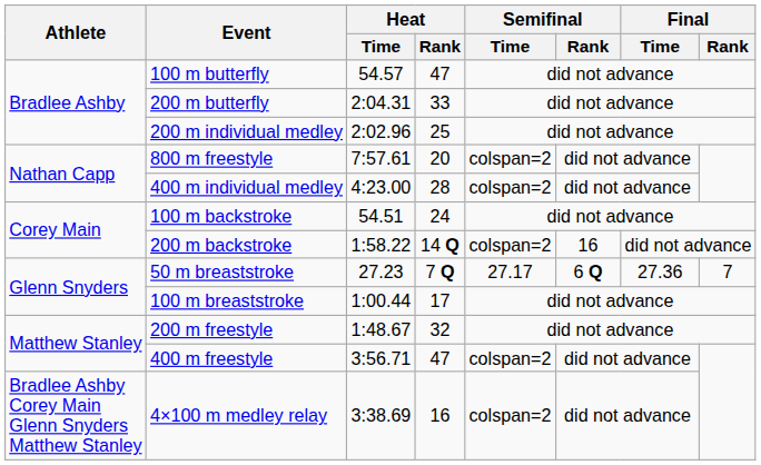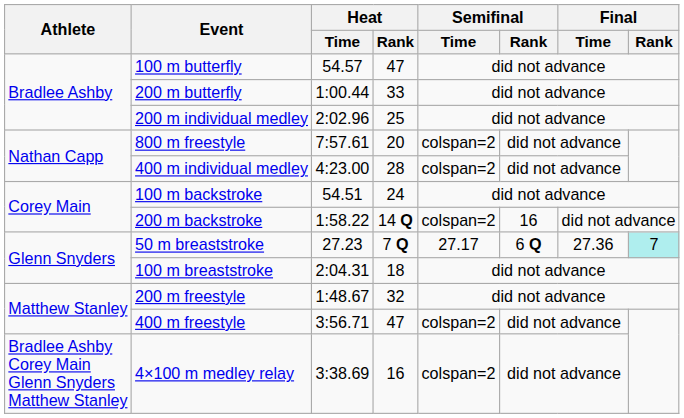 <table class=wikitable style="font-size:90%">
 <tr>
 <th rowspan="2">Athlete</th>
 <th rowspan="2">Event</th>
 <th colspan="2">Heat</th>
 <th colspan="2">Semifinal</th>
 <th colspan="2">Final</th>
 </tr>
 <tr style="font-size:95%">
 <th>Time</th>
 <th>Rank</th>
 <th>Time</th>
 <th>Rank</th>
 <th>Time</th>
 <th>Rank</th>
 </tr>
 <tr align=center>
 <td align=left rowspan=3><a href='#'>Bradlee Ashby</a></td>
 <td align=left><a href='#'>100 m butterfly</a></td>
 <td>54.57</td>
 <td>47</td>
 <td colspan=4>did not advance</td>
 </tr>
 <tr align=center>
 <td align=left><a href='#'>200 m butterfly</a></td>
-<td>2:04.31</td>
+<td>1:00.44</td>
 <td>33</td>
 <td colspan=4>did not advance</td>
 </tr>
 <tr align=center>
 <td align=left><a href='#'>200 m individual medley</a></td>
 <td>2:02.96</td>
 <td>25</td>
 <td colspan=4>did not advance</td>
 </tr>
 <tr align=center>
 <td align=left rowspan=2><a href='#'>Nathan Capp</a></td>
 <td align=left><a href='#'>800 m freestyle</a></td>
 <td>7:57.61</td>
 <td>20</td>
 <td>colspan=2 </td>
 <td colspan=2>did not advance</td>
 </tr>
 <tr align=center>
 <td align=left><a href='#'>400 m individual medley</a></td>
 <td>4:23.00</td>
 <td>28</td>
 <td>colspan=2 </td>
 <td colspan=2>did not advance</td>
 </tr>
 <tr align=center>
 <td align=left rowspan=2><a href='#'>Corey Main</a></td>
 <td align=left><a href='#'>100 m backstroke</a></td>
 <td>54.51</td>
 <td>24</td>
 <td colspan=4>did not advance</td>
 </tr>
 <tr align=center>
 <td align=left><a href='#'>200 m backstroke</a></td>
 <td>1:58.22</td>
 <td>14 <strong>Q</strong></td>
 <td>colspan=2 </td>
 <td>16</td>
 <td colspan=2>did not advance</td>
 </tr>
 <tr align=center>
 <td align=left rowspan=2><a href='#'>Glenn Snyders</a></td>
 <td align=left><a href='#'>50 m breaststroke</a></td>
 <td>27.23</td>
 <td>7 <strong>Q</strong></td>
 <td>27.17</td>
 <td>6 <strong>Q</strong></td>
 <td>27.36</td>
-<td>7</td>
+<td style="background: paleturquoise;">7</td>
 </tr>
 <tr align=center>
 <td align=left><a href='#'>100 m breaststroke</a></td>
-<td>1:00.44</td>
-<td>17</td>
+<td>2:04.31</td>
+<td>18</td>
 <td colspan=4>did not advance</td>
 </tr>
 <tr align=center>
 <td align=left rowspan=2><a href='#'>Matthew Stanley</a></td>
 <td align=left><a href='#'>200 m freestyle</a></td>
 <td>1:48.67</td>
 <td>32</td>
 <td colspan=4>did not advance</td>
 </tr>
 <tr align=center>
 <td align=left><a href='#'>400 m freestyle</a></td>
 <td>3:56.71</td>
 <td>47</td>
 <td>colspan=2 </td>
 <td colspan=2>did not advance</td>
 </tr>
 <tr align=center>
 <td align=left><a href='#'>Bradlee Ashby</a><br><a href='#'>Corey Main</a><br><a href='#'>Glenn Snyders</a><br><a href='#'>Matthew Stanley</a></td>
 <td align=left><a href='#'>4×100 m medley relay</a></td>
 <td>3:38.69</td>
 <td>16</td>
 <td>colspan=2 </td>
 <td colspan=2>did not advance</td>
 </tr>
 </table>
